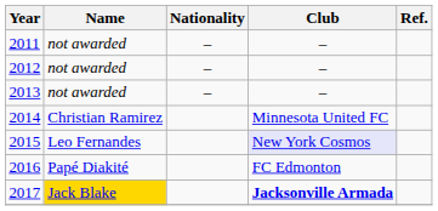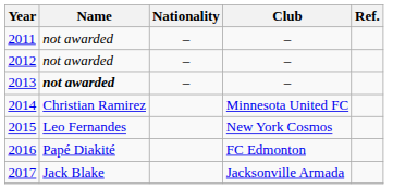 <table class="wikitable sortable">
 <tr>
 <th>Year</th>
 <th>Name</th>
 <th>Nationality</th>
 <th>Club</th>
 <th>Ref.</th>
 </tr>
 <tr>
 <td><a href='#'>2011</a></td>
 <td><em>not awarded</em></td>
 <td align="center">–</td>
 <td align="center">–</td>
 <td></td>
 </tr>
 <tr>
 <td><a href='#'>2012</a></td>
 <td><em>not awarded</em></td>
 <td align="center">–</td>
 <td align="center">–</td>
 <td></td>
 </tr>
 <tr>
 <td><a href='#'>2013</a></td>
-<td><em>not awarded</em></td>
+<td><strong><em>not awarded</em></strong></td>
 <td align="center">–</td>
 <td align="center">–</td>
 <td></td>
 </tr>
 <tr>
 <td><a href='#'>2014</a></td>
 <td><a href='#'>Christian Ramirez</a></td>
 <td></td>
 <td><a href='#'>Minnesota United FC</a></td>
 <td></td>
 </tr>
 <tr>
 <td><a href='#'>2015</a></td>
 <td><a href='#'>Leo Fernandes</a></td>
 <td></td>
-<td style="background: lavender;"><a href='#'>New York Cosmos</a></td>
+<td><a href='#'>New York Cosmos</a></td>
 <td></td>
 </tr>
 <tr>
 <td><a href='#'>2016</a></td>
 <td><a href='#'>Papé Diakité</a></td>
 <td></td>
 <td><a href='#'>FC Edmonton</a></td>
 <td></td>
 </tr>
 <tr>
 <td><a href='#'>2017</a></td>
-<td style="background: gold;"><a href='#'>Jack Blake</a></td>
+<td><a href='#'>Jack Blake</a></td>
 <td></td>
-<td><strong><a href='#'>Jacksonville Armada</a></strong></td>
+<td><a href='#'>Jacksonville Armada</a></td>
 <td></td>
 </tr>
 <tr>
 </tr>
 </table>
